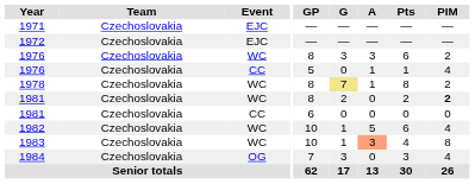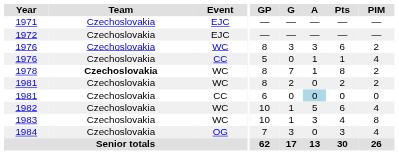 <table border="0" cellpadding="1" cellspacing="0" ID="Table3" style="text-align:center; width:40em">
 <tr bgcolor="#e0e0e0">
 <th>Year</th>
 <th>Team</th>
 <th>Event</th>
 <th rowspan="102" bgcolor="#ffffff"></th>
 <th>GP</th>
 <th>G</th>
 <th>A</th>
 <th>Pts</th>
 <th>PIM</th>
 </tr>
 <tr>
 <td><a href='#'>1971</a></td>
 <td><a href='#'>Czechoslovakia</a></td>
 <td><a href='#'>EJC</a></td>
 <td>—</td>
 <td>—</td>
 <td>—</td>
 <td>—</td>
 <td>—</td>
 </tr>
 <tr bgcolor="#f0f0f0">
 <td><a href='#'>1972</a></td>
 <td>Czechoslovakia</td>
 <td>EJC</td>
 <td>—</td>
 <td>—</td>
 <td>—</td>
 <td>—</td>
 <td>—</td>
 </tr>
 <tr>
 <td><a href='#'>1976</a></td>
 <td><a href='#'>Czechoslovakia</a></td>
 <td><a href='#'>WC</a></td>
 <td>8</td>
 <td>3</td>
 <td>3</td>
 <td>6</td>
 <td>2</td>
 </tr>
 <tr bgcolor="#f0f0f0">
 <td><a href='#'>1976</a></td>
 <td>Czechoslovakia</td>
 <td><a href='#'>CC</a></td>
 <td>5</td>
 <td>0</td>
 <td>1</td>
 <td>1</td>
 <td>4</td>
 </tr>
 <tr>
 <td><a href='#'>1978</a></td>
-<td>Czechoslovakia</td>
+<td><strong>Czechoslovakia</strong></td>
 <td>WC</td>
 <td>8</td>
-<td style="background: khaki;">7</td>
+<td>7</td>
 <td>1</td>
 <td>8</td>
 <td>2</td>
 </tr>
 <tr bgcolor="#f0f0f0">
 <td><a href='#'>1981</a></td>
 <td>Czechoslovakia</td>
 <td>WC</td>
 <td>8</td>
 <td>2</td>
 <td>0</td>
 <td>2</td>
-<td><strong>2</strong></td>
+<td>2</td>
 </tr>
 <tr>
 <td><a href='#'>1981</a></td>
 <td>Czechoslovakia</td>
 <td>CC</td>
 <td>6</td>
 <td>0</td>
-<td>0</td>
+<td style="background: lightblue;">0</td>
 <td>0</td>
 <td>0</td>
 </tr>
 <tr bgcolor="#f0f0f0">
 <td><a href='#'>1982</a></td>
 <td>Czechoslovakia</td>
 <td>WC</td>
 <td>10</td>
 <td>1</td>
 <td>5</td>
 <td>6</td>
 <td>4</td>
 </tr>
 <tr>
 <td><a href='#'>1983</a></td>
 <td>Czechoslovakia</td>
 <td>WC</td>
 <td>10</td>
 <td>1</td>
-<td style="background: lightsalmon;">3</td>
+<td>3</td>
 <td>4</td>
 <td>8</td>
 </tr>
 <tr bgcolor="#f0f0f0">
 <td><a href='#'>1984</a></td>
 <td>Czechoslovakia</td>
 <td><a href='#'>OG</a></td>
 <td>7</td>
 <td>3</td>
 <td>0</td>
 <td>3</td>
 <td>4</td>
 </tr>
 <tr bgcolor="#e0e0e0">
 <th colspan=3>Senior totals</th>
 <th>62</th>
 <th>17</th>
 <th>13</th>
 <th>30</th>
 <th>26</th>
 </tr>
 </table>
